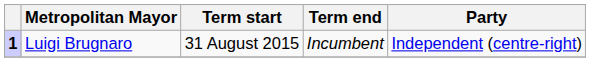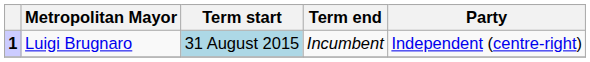 <table class="wikitable">
 <tr>
 <th class=unsortable> </th>
 <th>Metropolitan Mayor</th>
 <th>Term start</th>
 <th>Term end</th>
 <th>Party</th>
 </tr>
 <tr>
 <th style="background:#CCCCFF;">1</th>
 <td><a href='#'>Luigi Brugnaro</a></td>
-<td align=center>31 August 2015</td>
+<td align=center style="background: lightblue;">31 August 2015</td>
 <td align=center><em>Incumbent</em></td>
 <td><a href='#'>Independent</a> (<a href='#'>centre-right</a>)</td>
 </tr>
 <tr>
 </tr>
 </table>
